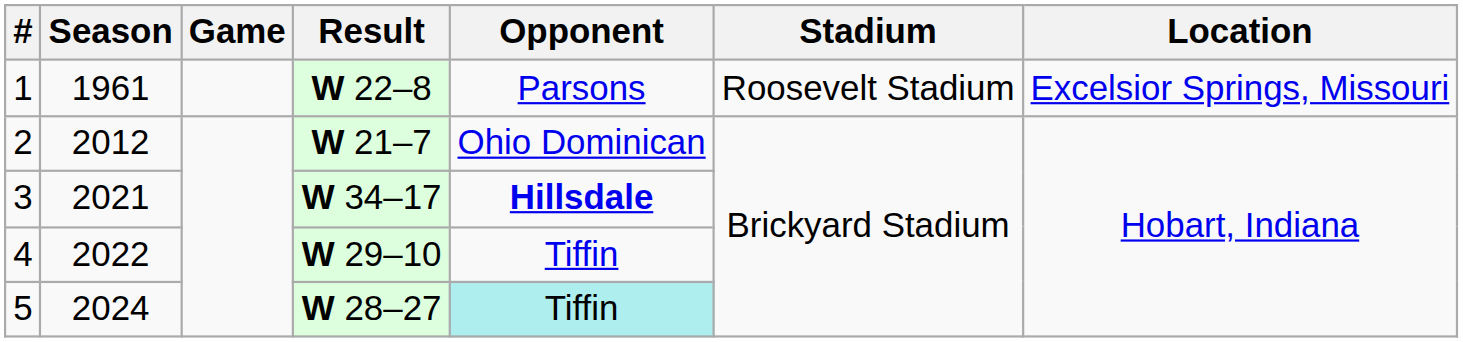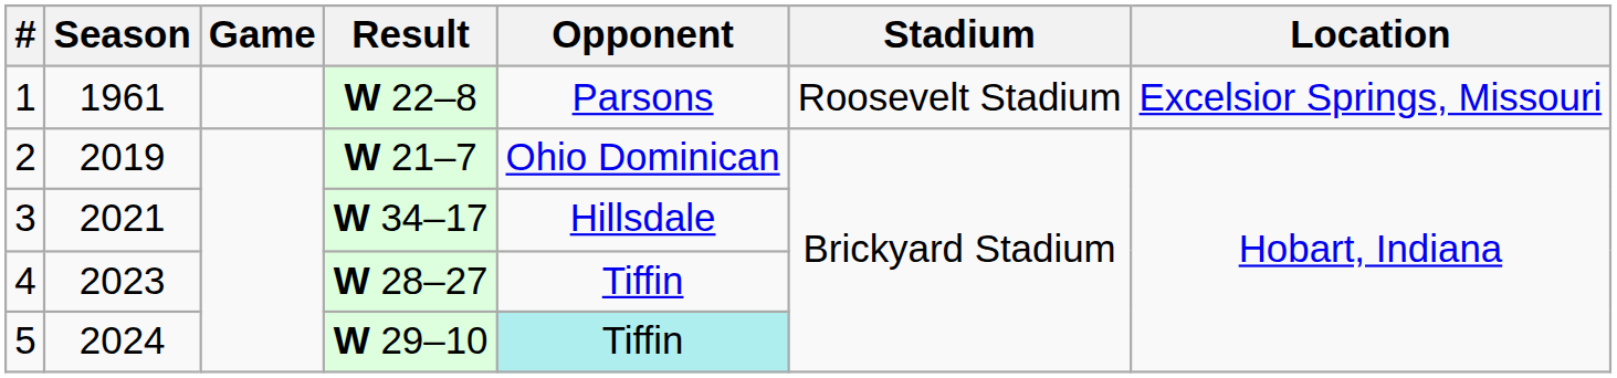 <table class="wikitable" style="text-align:center">
 <tr>
 <th>#</th>
 <th>Season</th>
 <th>Game</th>
 <th>Result</th>
 <th>Opponent</th>
 <th>Stadium</th>
 <th>Location</th>
 </tr>
 <tr>
 <td style="text-align:center;">1</td>
 <td style="text-align:center;">1961</td>
 <td></td>
 <td style="background:#dfd;"><strong>W</strong> 22–8</td>
 <td><a href='#'>Parsons</a></td>
 <td>Roosevelt Stadium</td>
 <td><a href='#'>Excelsior Springs, Missouri</a></td>
 </tr>
 <tr>
 <td style="text-align:center;">2</td>
-<td style="text-align:center;">2012</td>
+<td style="text-align:center;">2019</td>
 <td rowspan="4"></td>
 <td style="background:#dfd;"><strong>W</strong> 21–7</td>
 <td><a href='#'>Ohio Dominican</a></td>
 <td rowspan="4">Brickyard Stadium</td>
 <td rowspan="4"><a href='#'>Hobart, Indiana</a></td>
 </tr>
 <tr>
 <td style="text-align:center;">3</td>
 <td style="text-align:center;">2021</td>
 <td style="background:#dfd;"><strong>W</strong> 34–17</td>
-<td><strong><a href='#'>Hillsdale</a></strong></td>
+<td><a href='#'>Hillsdale</a></td>
 </tr>
 <tr>
 <td style="text-align:center;">4</td>
-<td style="text-align:center;">2022</td>
-<td style="background:#dfd;"><strong>W</strong> 29–10</td>
+<td style="text-align:center;">2023</td>
+<td style="background:#dfd;"><strong>W</strong> 28–27</td>
 <td><a href='#'>Tiffin</a></td>
 </tr>
 <tr>
 <td style="text-align:center;">5</td>
 <td style="text-align:center;">2024</td>
-<td style="background:#dfd;"><strong>W</strong> 28–27</td>
+<td style="background:#dfd;"><strong>W</strong> 29–10</td>
 <td style="background: paleturquoise;">Tiffin</td>
 </tr>
 </table>
